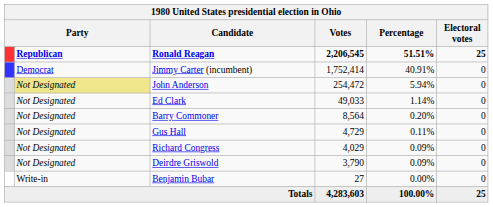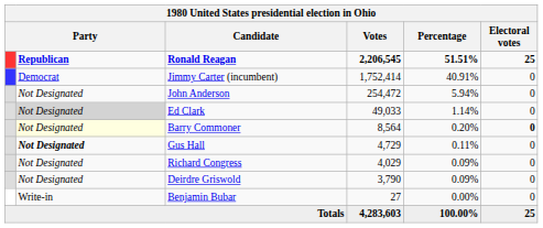 <table class="wikitable" style="font-size: 95%;">
 <tr>
 <th colspan="9">1980 United States presidential election in Ohio</th>
 </tr>
 <tr>
 <th colspan="2" style="width: 15em">Party</th>
 <th style="width: 17em">Candidate</th>
 <th style="width: 5em">Votes</th>
 <th style="width: 7em">Percentage</th>
 <th style="width: 5em">Electoral votes</th>
 </tr>
 <tr>
 <th style="background:#f33; width:3px;"></th>
 <td style="width: 130px"><strong><a href='#'>Republican</a></strong></td>
 <td><strong><a href='#'>Ronald Reagan</a></strong></td>
 <td style="text-align:right;"><strong>2,206,545</strong></td>
 <td style="text-align:right;"><strong>51.51%</strong></td>
 <td style="text-align:right;"><strong>25</strong></td>
 </tr>
 <tr>
 <th style="background:#33f; width:3px;"></th>
 <td style="width: 130px"><a href='#'>Democrat</a></td>
 <td><a href='#'>Jimmy Carter</a> (incumbent)</td>
 <td style="text-align:right;">1,752,414</td>
 <td style="text-align:right;">40.91%</td>
 <td style="text-align:right;">0</td>
 </tr>
 <tr>
 <th style="background-color:#DDDDDD; width: 3px"></th>
-<td style="background: khaki; width: 130px"><em>Not Designated</em></td>
+<td style="width: 130px"><em>Not Designated</em></td>
 <td><a href='#'>John Anderson</a></td>
 <td style="text-align:right;">254,472</td>
 <td style="text-align:right;">5.94%</td>
 <td style="text-align:right;">0</td>
 </tr>
 <tr>
 <th style="background-color:#DDDDDD; width: 3px"></th>
-<td style="width: 130px"><em>Not Designated</em></td>
+<td style="background: lightgrey; width: 130px"><em>Not Designated</em></td>
 <td><a href='#'>Ed Clark</a></td>
 <td style="text-align:right;">49,033</td>
 <td style="text-align:right;">1.14%</td>
 <td style="text-align:right;">0</td>
 </tr>
 <tr>
 <th style="background-color:#DDDDDD; width: 3px"></th>
-<td style="width: 130px"><em>Not Designated</em></td>
+<td style="background: lightyellow; width: 130px"><em>Not Designated</em></td>
 <td><a href='#'>Barry Commoner</a></td>
 <td style="text-align:right;">8,564</td>
 <td style="text-align:right;">0.20%</td>
-<td style="text-align:right;">0</td>
+<td style="text-align:right;"><strong>0</strong></td>
 </tr>
 <tr>
 <th style="background-color:#DDDDDD; width: 3px"></th>
-<td style="width: 130px"><em>Not Designated</em></td>
+<td style="width: 130px"><strong><em>Not Designated</em></strong></td>
 <td><a href='#'>Gus Hall</a></td>
 <td style="text-align:right;">4,729</td>
 <td style="text-align:right;">0.11%</td>
 <td style="text-align:right;">0</td>
 </tr>
 <tr>
 <th style="background-color:#DDDDDD; width: 3px"></th>
 <td style="width: 130px"><em>Not Designated</em></td>
 <td><a href='#'>Richard Congress</a></td>
 <td style="text-align:right;">4,029</td>
 <td style="text-align:right;">0.09%</td>
 <td style="text-align:right;">0</td>
 </tr>
 <tr>
 <th style="background-color:#DDDDDD; width: 3px"></th>
 <td style="width: 130px"><em>Not Designated</em></td>
 <td><a href='#'>Deirdre Griswold</a></td>
 <td style="text-align:right;">3,790</td>
 <td style="text-align:right;">0.09%</td>
 <td style="text-align:right;">0</td>
 </tr>
 <tr>
 <th style="background-color:#FFFFFF; width: 3px"></th>
 <td style="width: 130px">Write-in</td>
 <td><a href='#'>Benjamin Bubar</a></td>
 <td style="text-align:right;">27</td>
 <td style="text-align:right;">0.00%</td>
 <td style="text-align:right;">0</td>
 </tr>
 <tr style="background:#eee; text-align:right;">
 <td colspan="3"><strong>Totals</strong></td>
 <td><strong>4,283,603</strong></td>
 <td><strong>100.00%</strong></td>
 <td><strong>25</strong></td>
 </tr>
 </table>
